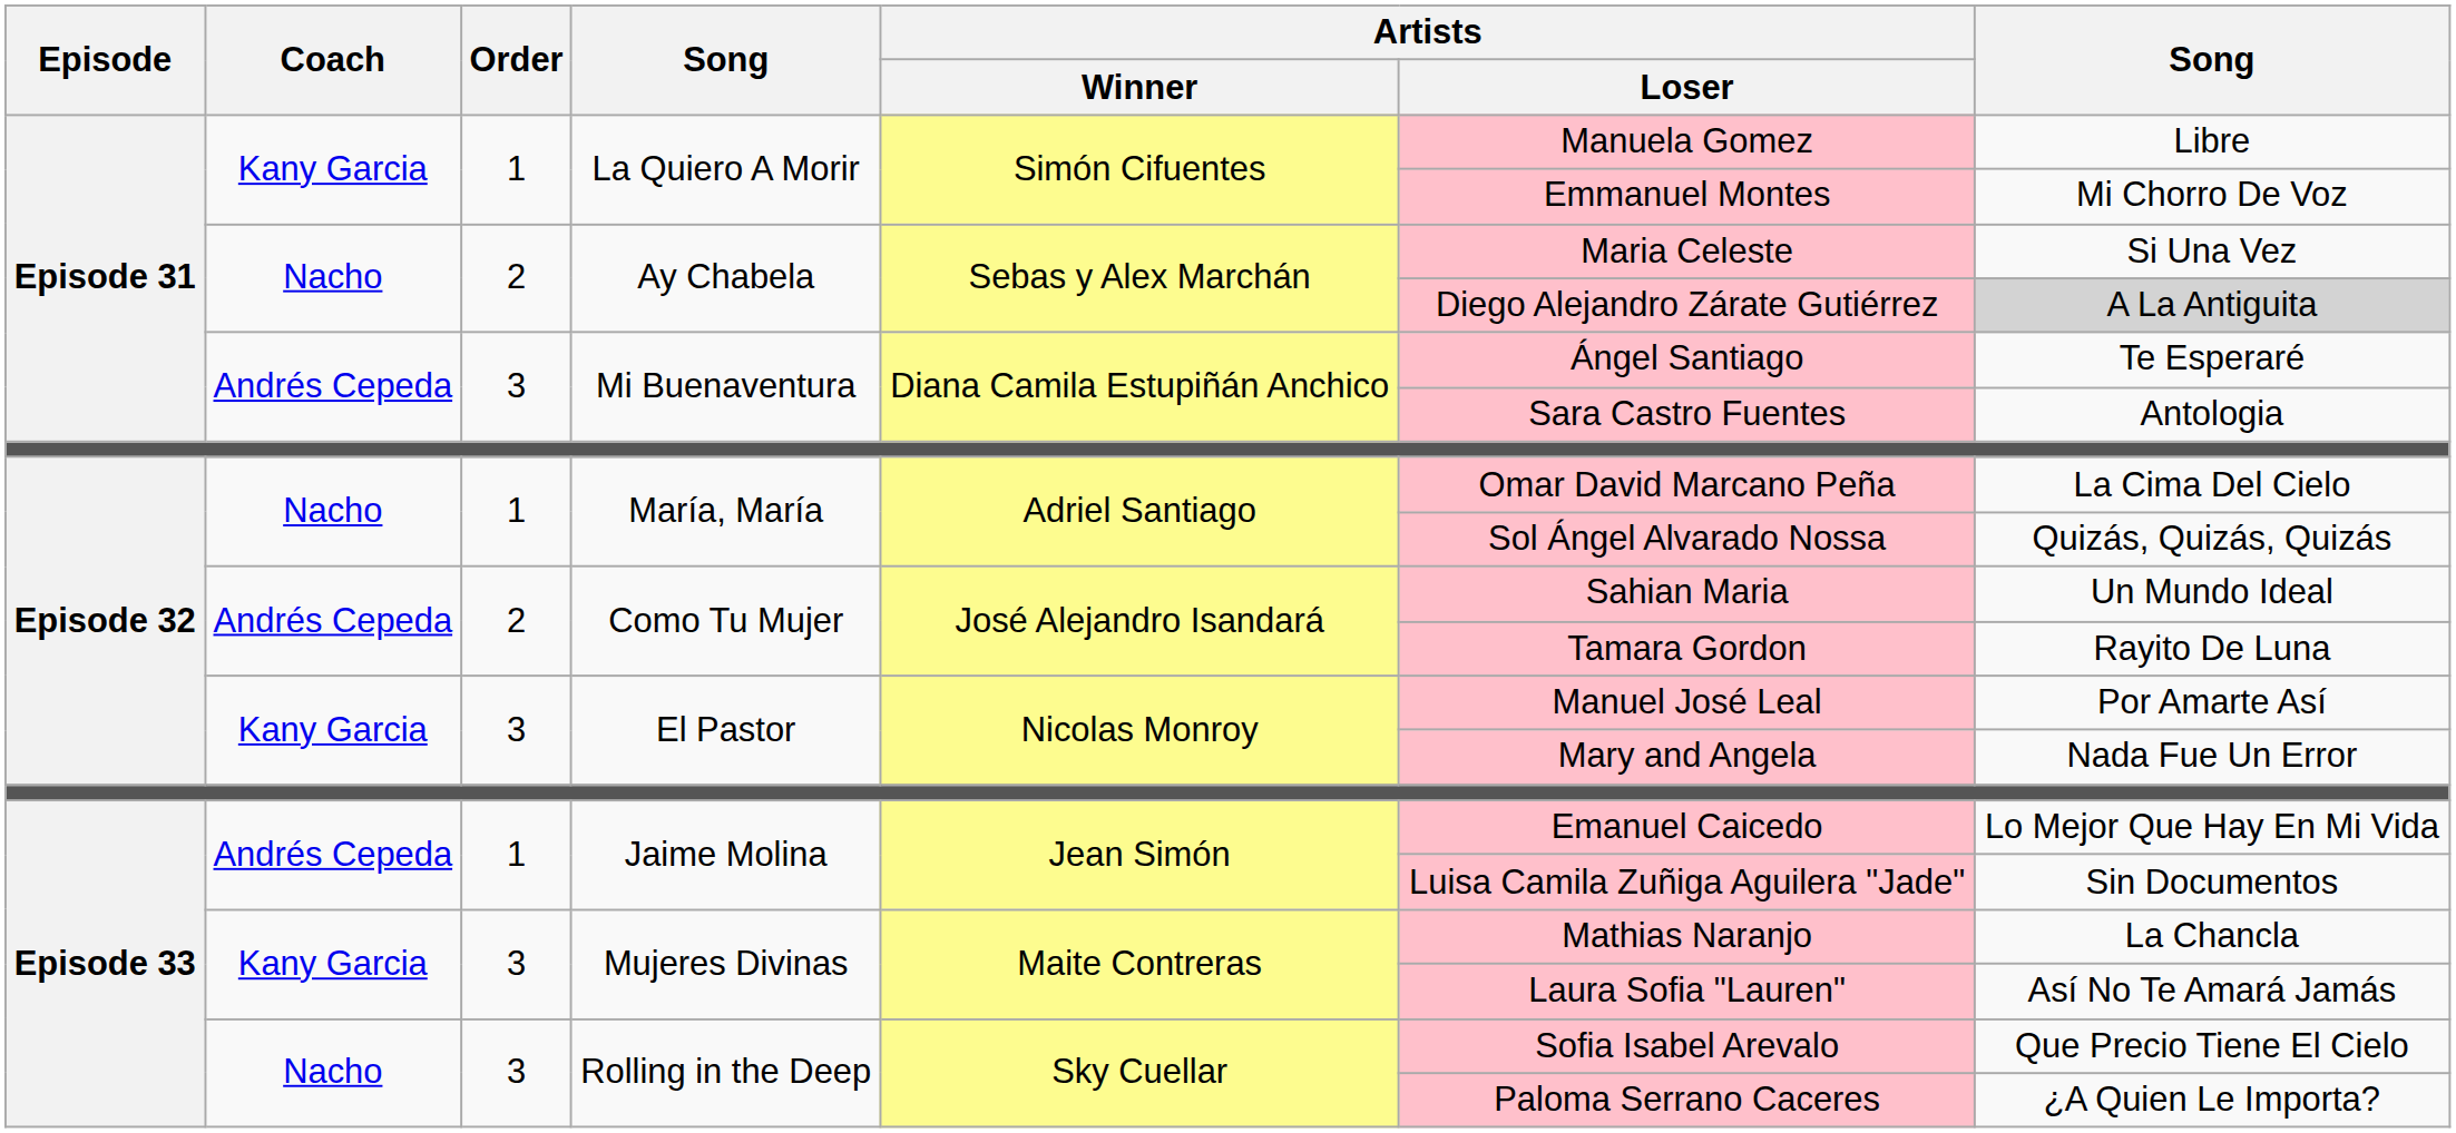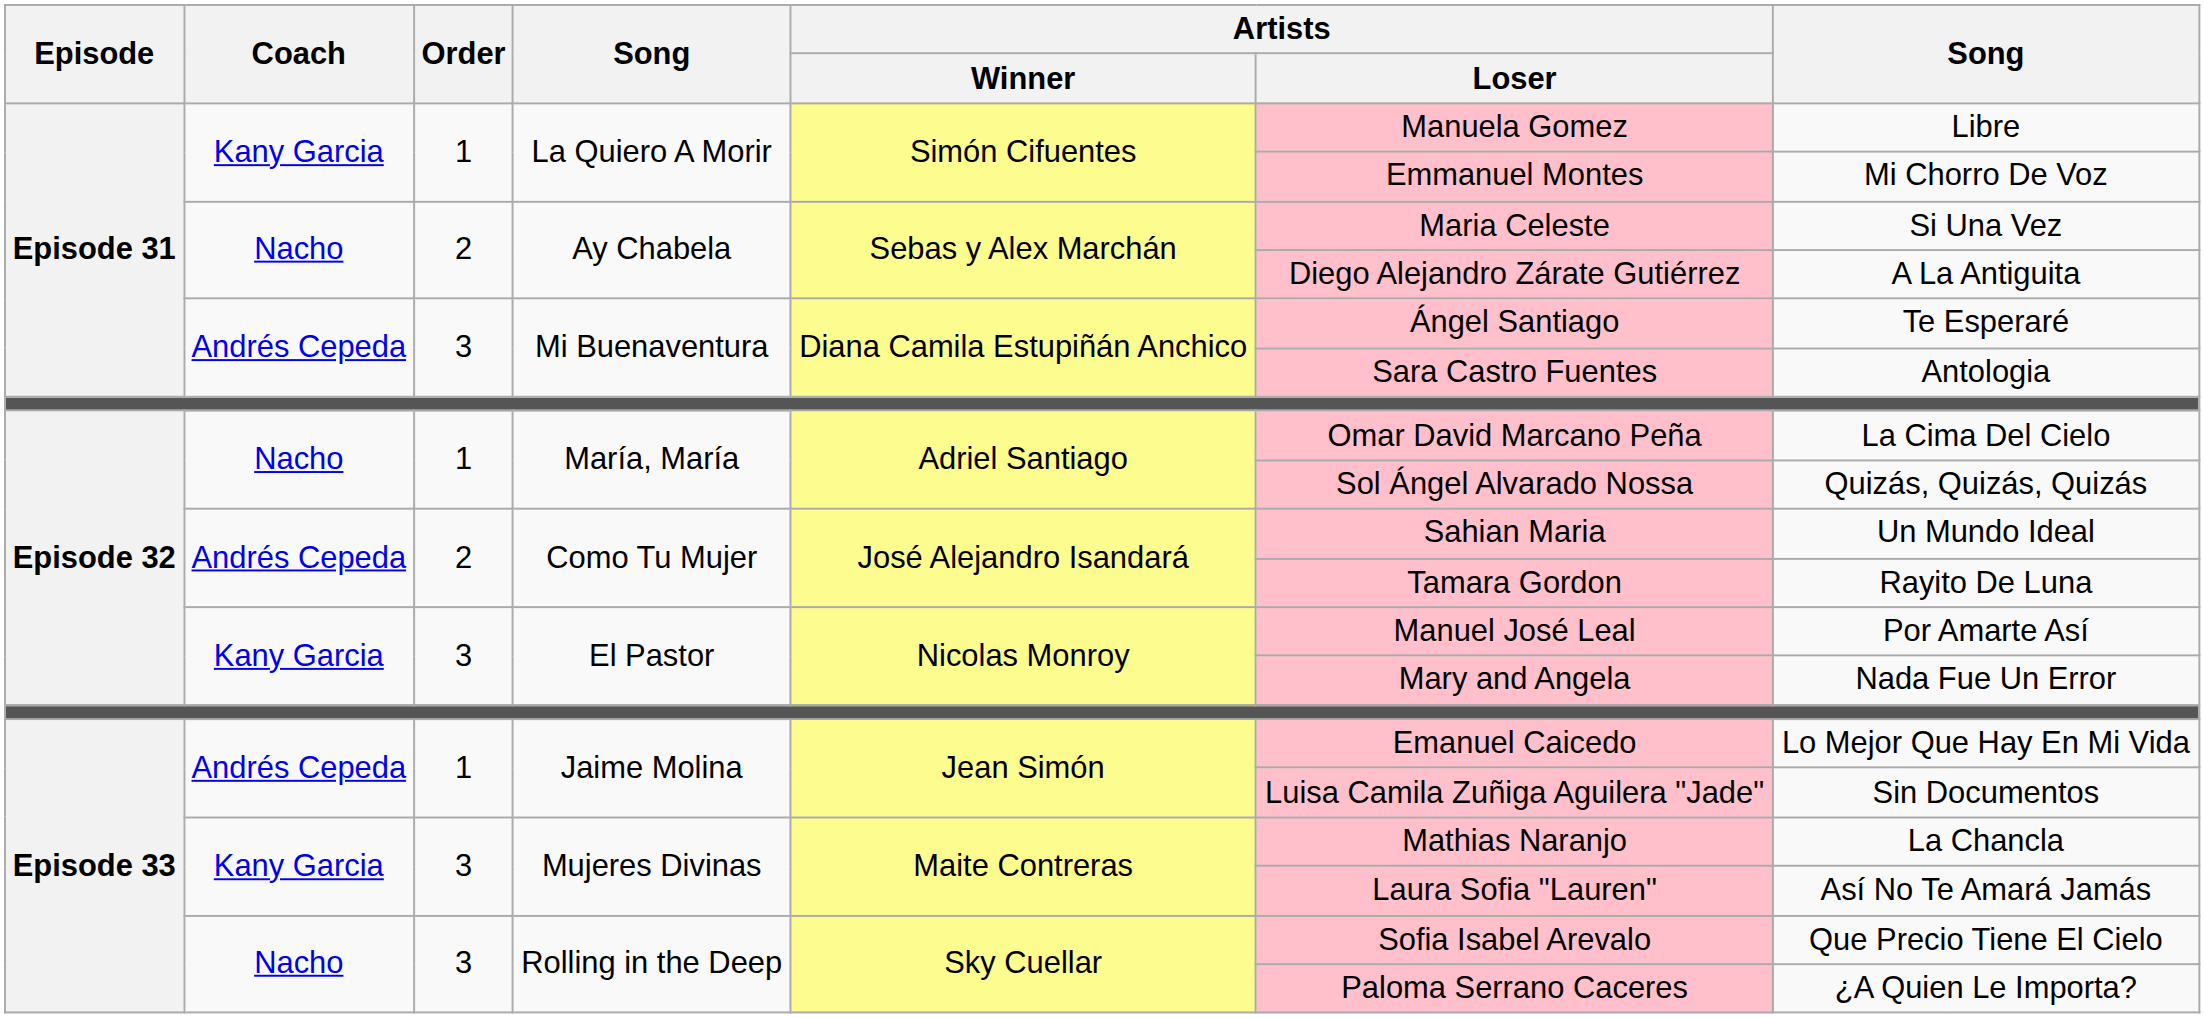 <table class="wikitable" style="text-align:center; width:90%;">
 <tr>
 <th scope="col" rowspan="2">Episode</th>
 <th scope="col" rowspan="2">Coach</th>
 <th scope="col" rowspan="2">Order</th>
 <th scope="col" rowspan="2">Song</th>
 <th scope="col" colspan="2">Artists</th>
 <th scope="col" rowspan="2">Song</th>
 </tr>
 <tr>
 <th>Winner</th>
 <th>Loser</th>
 </tr>
 <tr>
 <th rowspan="6">Episode 31<br></th>
 <td rowspan=2><a href='#'>Kany Garcia</a></td>
 <td rowspan=2>1</td>
 <td rowspan=2>La Quiero A Morir</td>
 <td rowspan=2 bgcolor=#fdfc8f>Simón Cifuentes</td>
 <td bgcolor=pink>Manuela Gomez</td>
 <td>Libre</td>
 </tr>
 <tr>
 <td bgcolor=pink>Emmanuel Montes</td>
 <td>Mi Chorro De Voz</td>
 </tr>
 <tr>
 <td rowspan=2><a href='#'>Nacho</a></td>
 <td rowspan=2>2</td>
 <td rowspan=2>Ay Chabela</td>
 <td rowspan=2 bgcolor=#fdfc8f>Sebas y Alex Marchán</td>
 <td bgcolor=pink>Maria Celeste</td>
 <td>Si Una Vez</td>
 </tr>
 <tr>
 <td bgcolor=pink>Diego Alejandro Zárate Gutiérrez</td>
-<td style="background: lightgrey;">A La Antiguita</td>
+<td>A La Antiguita</td>
 </tr>
 <tr>
 <td rowspan=2><a href='#'>Andrés Cepeda</a></td>
 <td rowspan=2>3</td>
 <td rowspan=2>Mi Buenaventura</td>
 <td rowspan=2 bgcolor=#fdfc8f>Diana Camila Estupiñán Anchico</td>
 <td bgcolor=pink>Ángel Santiago</td>
 <td>Te Esperaré</td>
 </tr>
 <tr>
 <td bgcolor=pink>Sara Castro Fuentes</td>
 <td>Antologia</td>
 </tr>
 <tr>
 <td colspan="7" style="background:#555;"></td>
 </tr>
 <tr>
 <th rowspan="6">Episode 32<br></th>
 <td rowspan=2><a href='#'>Nacho</a></td>
 <td rowspan=2>1</td>
 <td rowspan=2>María, María</td>
 <td rowspan=2 bgcolor=#fdfc8f>Adriel Santiago</td>
 <td bgcolor=pink>Omar David Marcano Peña</td>
 <td>La Cima Del Cielo</td>
 </tr>
 <tr>
 <td bgcolor=pink>Sol Ángel Alvarado Nossa</td>
 <td>Quizás, Quizás, Quizás</td>
 </tr>
 <tr>
 <td rowspan=2><a href='#'>Andrés Cepeda</a></td>
 <td rowspan=2>2</td>
 <td rowspan=2>Como Tu Mujer</td>
 <td rowspan=2 bgcolor=#fdfc8f>José Alejandro Isandará</td>
 <td bgcolor=pink>Sahian Maria</td>
 <td>Un Mundo Ideal</td>
 </tr>
 <tr>
 <td bgcolor=pink>Tamara Gordon</td>
 <td>Rayito De Luna</td>
 </tr>
 <tr>
 <td rowspan=2><a href='#'>Kany Garcia</a></td>
 <td rowspan=2>3</td>
 <td rowspan=2>El Pastor</td>
 <td rowspan=2 bgcolor=#fdfc8f>Nicolas Monroy</td>
 <td bgcolor=pink>Manuel José Leal</td>
 <td>Por Amarte Así</td>
 </tr>
 <tr>
 <td bgcolor=pink>Mary and Angela</td>
 <td>Nada Fue Un Error</td>
 </tr>
 <tr>
 <td colspan="7" style="background:#555;"></td>
 </tr>
 <tr>
 <th rowspan="6">Episode 33<br></th>
 <td rowspan=2><a href='#'>Andrés Cepeda</a></td>
 <td rowspan=2>1</td>
 <td rowspan=2>Jaime Molina</td>
 <td rowspan=2 bgcolor=#fdfc8f>Jean Simón</td>
 <td bgcolor=pink>Emanuel Caicedo</td>
 <td>Lo Mejor Que Hay En Mi Vida</td>
 </tr>
 <tr>
 <td bgcolor=pink>Luisa Camila Zuñiga Aguilera "Jade"</td>
 <td>Sin Documentos</td>
 </tr>
 <tr>
 <td rowspan=2><a href='#'>Kany Garcia</a></td>
 <td rowspan=2>3</td>
 <td rowspan=2>Mujeres Divinas</td>
 <td rowspan=2 bgcolor=#fdfc8f>Maite Contreras</td>
 <td bgcolor=pink>Mathias Naranjo</td>
 <td>La Chancla</td>
 </tr>
 <tr>
 <td bgcolor=pink>Laura Sofia "Lauren"</td>
 <td>Así No Te Amará Jamás</td>
 </tr>
 <tr>
 <td rowspan=2><a href='#'>Nacho</a></td>
 <td rowspan=2>3</td>
 <td rowspan=2>Rolling in the Deep</td>
 <td rowspan=2 bgcolor=#fdfc8f>Sky Cuellar</td>
 <td bgcolor=pink>Sofia Isabel Arevalo</td>
 <td>Que Precio Tiene El Cielo</td>
 </tr>
 <tr>
 <td bgcolor=pink>Paloma Serrano Caceres</td>
 <td>¿A Quien Le Importa?</td>
 </tr>
 </table>
